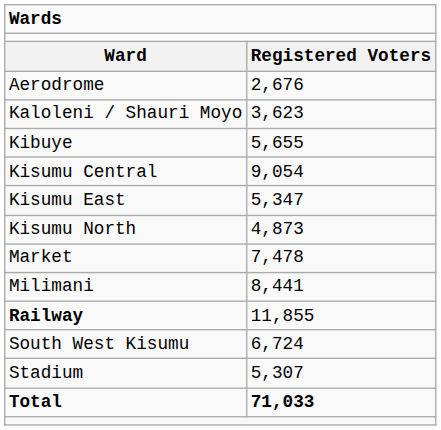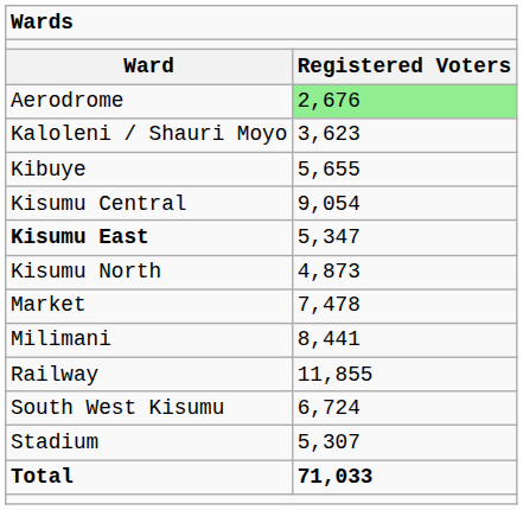 <table class="wikitable">
 <tr>
 <td colspan="2"><strong>Wards</strong></td>
 </tr>
 <tr>
 <td colspan="2"></td>
 </tr>
 <tr>
 <th>Ward</th>
 <th>Registered Voters</th>
 </tr>
 <tr>
 <td>Aerodrome</td>
-<td>2,676</td>
+<td style="background: lightgreen;">2,676</td>
 </tr>
 <tr>
 <td>Kaloleni / Shauri Moyo</td>
 <td>3,623</td>
 </tr>
 <tr>
 <td>Kibuye</td>
 <td>5,655</td>
 </tr>
 <tr>
 <td>Kisumu Central</td>
 <td>9,054</td>
 </tr>
 <tr>
-<td>Kisumu East</td>
+<td><strong>Kisumu East</strong></td>
 <td>5,347</td>
 </tr>
 <tr>
 <td>Kisumu North</td>
 <td>4,873</td>
 </tr>
 <tr>
 <td>Market</td>
 <td>7,478</td>
 </tr>
 <tr>
 <td>Milimani</td>
 <td>8,441</td>
 </tr>
 <tr>
-<td><strong>Railway</strong></td>
+<td>Railway</td>
 <td>11,855</td>
 </tr>
 <tr>
 <td>South West Kisumu</td>
 <td>6,724</td>
 </tr>
 <tr>
 <td>Stadium</td>
 <td>5,307</td>
 </tr>
 <tr>
 <td><strong>Total</strong></td>
 <td><strong>71,033</strong></td>
 </tr>
 <tr>
 <td colspan="2"></td>
 </tr>
 </table>
